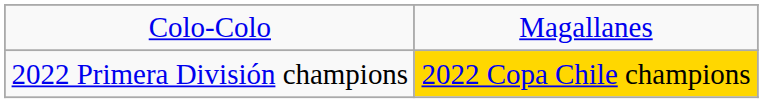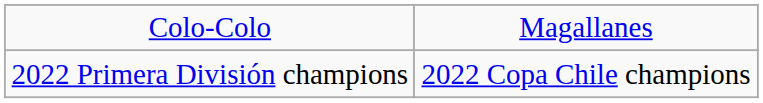 <table class="wikitable" style="text-align:center">
 <tr>
 <td><a href='#'>Colo-Colo</a></td>
 <td><a href='#'>Magallanes</a></td>
 </tr>
 <tr>
 <td><a href='#'>2022 Primera División</a> champions</td>
-<td style="background: gold;"><a href='#'>2022 Copa Chile</a> champions</td>
+<td><a href='#'>2022 Copa Chile</a> champions</td>
 </tr>
 </table>
